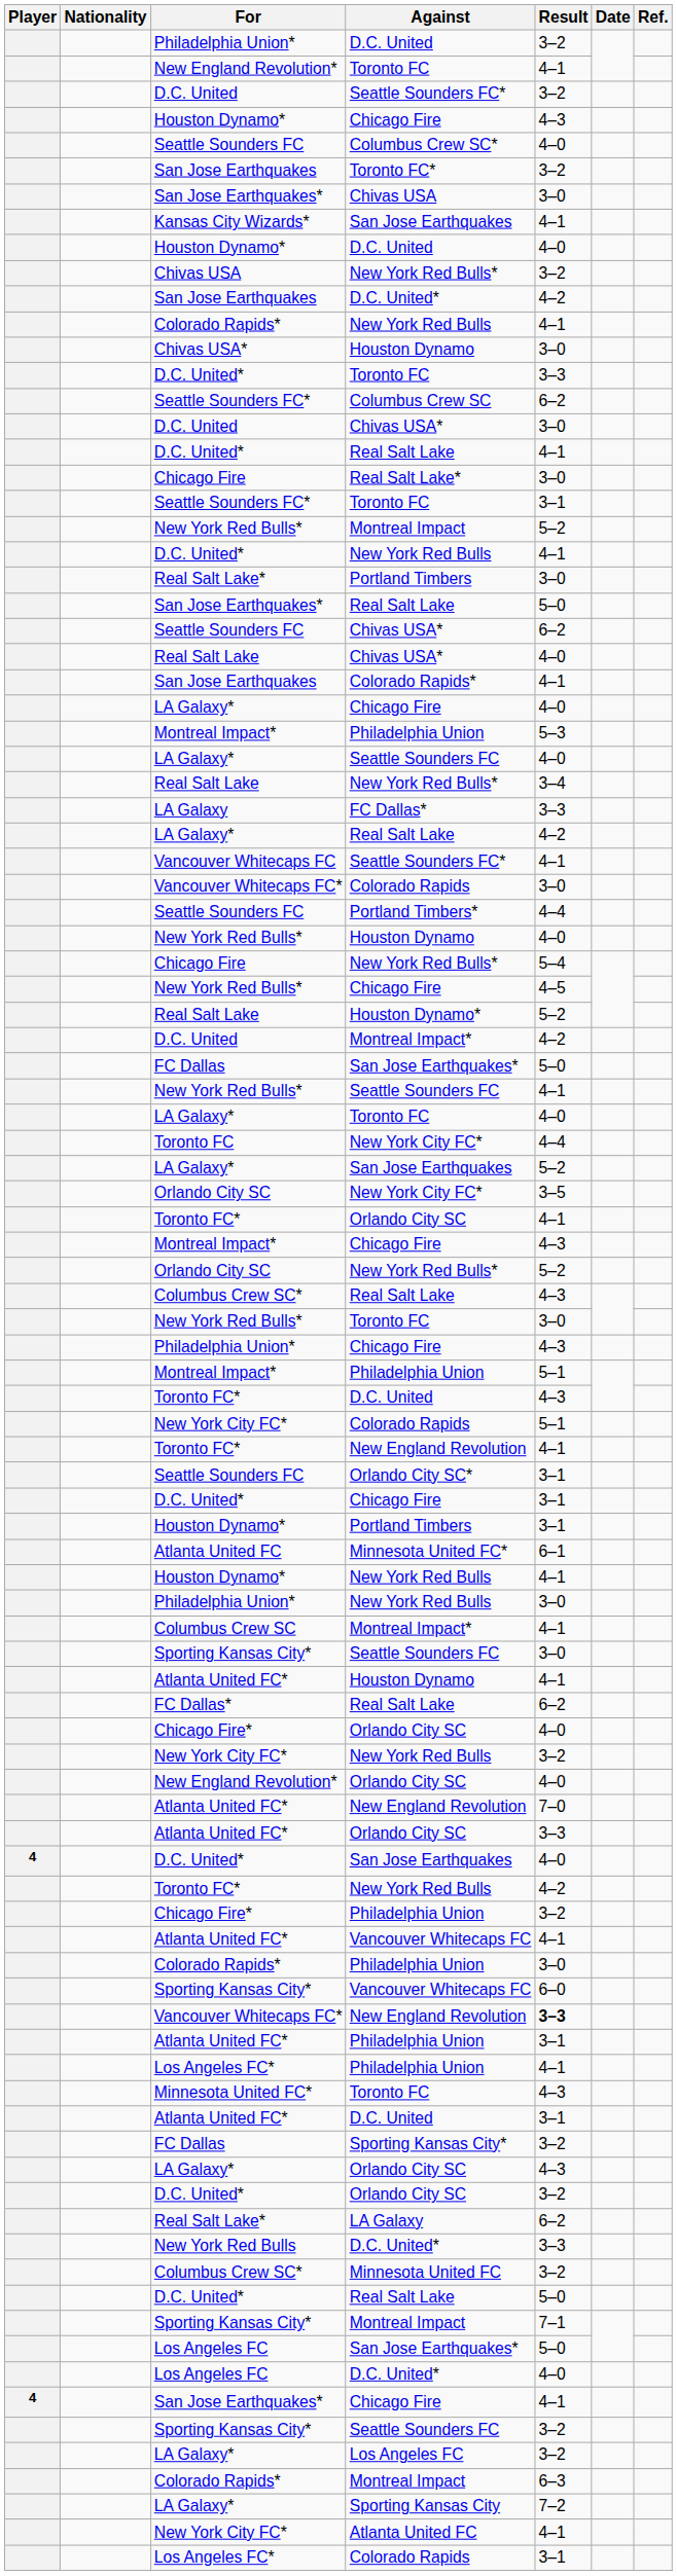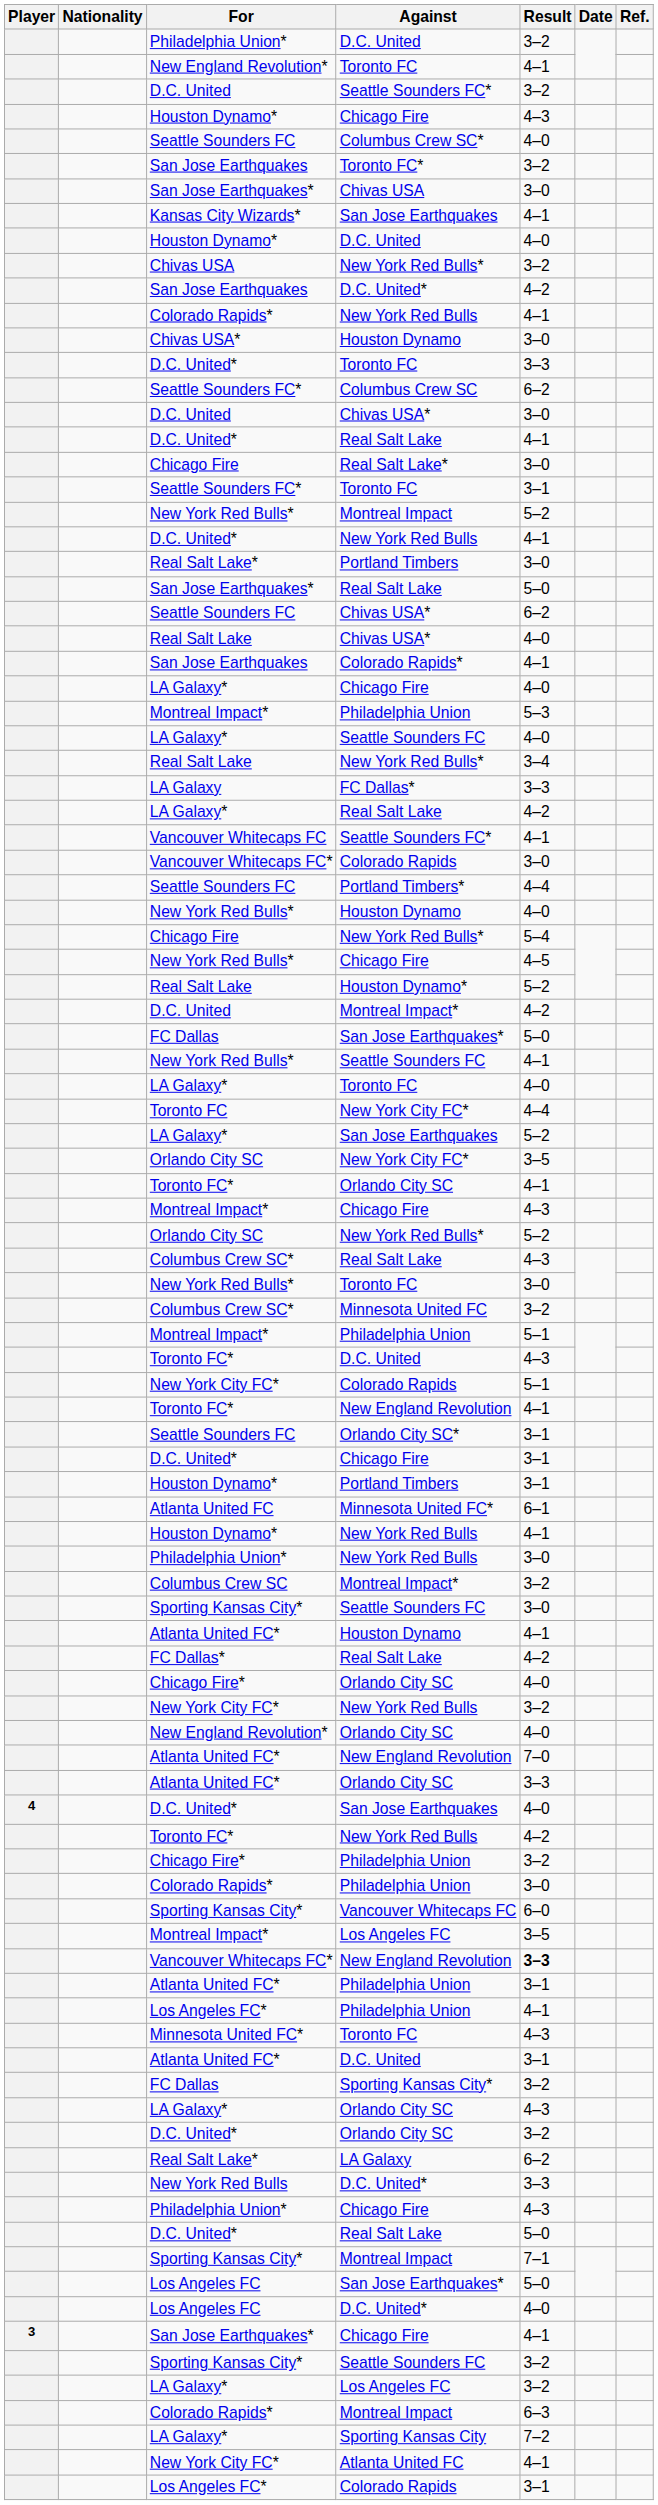 <table class="wikitable sortable plainrowheaders">
 <tr>
 <th scope="col">Player</th>
 <th scope="col">Nationality</th>
 <th scope="col">For</th>
 <th scope="col">Against</th>
 <th scope="col" style="text-align:center">Result</th>
 <th scope="col">Date</th>
 <th scope="col" class="unsortable" style="text-align:center">Ref.</th>
 </tr>
 <tr>
 <th scope="row"></th>
 <td></td>
 <td><a href='#'>Philadelphia Union</a>*</td>
 <td><a href='#'>D.C. United</a></td>
 <td>3–2</td>
 <td rowspan="2"></td>
 <td></td>
 </tr>
 <tr>
 <th scope="row"></th>
 <td></td>
 <td><a href='#'>New England Revolution</a>*</td>
 <td><a href='#'>Toronto FC</a></td>
 <td>4–1</td>
 <td></td>
 </tr>
 <tr>
 <th scope="row"></th>
 <td></td>
 <td><a href='#'>D.C. United</a></td>
 <td><a href='#'>Seattle Sounders FC</a>*</td>
 <td>3–2</td>
 <td></td>
 <td></td>
 </tr>
 <tr>
 <th scope="row"></th>
 <td></td>
 <td><a href='#'>Houston Dynamo</a>*</td>
 <td><a href='#'>Chicago Fire</a></td>
 <td>4–3</td>
 <td></td>
 <td></td>
 </tr>
 <tr>
 <th scope="row"></th>
 <td></td>
 <td><a href='#'>Seattle Sounders FC</a></td>
 <td><a href='#'>Columbus Crew SC</a>*</td>
 <td>4–0</td>
 <td></td>
 <td></td>
 </tr>
 <tr>
 <th scope="row"></th>
 <td></td>
 <td><a href='#'>San Jose Earthquakes</a></td>
 <td><a href='#'>Toronto FC</a>*</td>
 <td>3–2</td>
 <td></td>
 <td></td>
 </tr>
 <tr>
 <th scope="row"></th>
 <td></td>
 <td><a href='#'>San Jose Earthquakes</a>*</td>
 <td><a href='#'>Chivas USA</a></td>
 <td>3–0</td>
 <td></td>
 <td></td>
 </tr>
 <tr>
 <th scope="row"></th>
 <td></td>
 <td><a href='#'>Kansas City Wizards</a>*</td>
 <td><a href='#'>San Jose Earthquakes</a></td>
 <td>4–1</td>
 <td></td>
 <td></td>
 </tr>
 <tr>
 <th scope="row"></th>
 <td></td>
 <td><a href='#'>Houston Dynamo</a>*</td>
 <td><a href='#'>D.C. United</a></td>
 <td>4–0</td>
 <td></td>
 <td></td>
 </tr>
 <tr>
 <th scope="row"></th>
 <td></td>
 <td><a href='#'>Chivas USA</a></td>
 <td><a href='#'>New York Red Bulls</a>*</td>
 <td>3–2</td>
 <td></td>
 <td></td>
 </tr>
 <tr>
 <th scope="row"></th>
 <td></td>
 <td><a href='#'>San Jose Earthquakes</a></td>
 <td><a href='#'>D.C. United</a>*</td>
 <td>4–2</td>
 <td></td>
 <td></td>
 </tr>
 <tr>
 <th scope="row"></th>
 <td></td>
 <td><a href='#'>Colorado Rapids</a>*</td>
 <td><a href='#'>New York Red Bulls</a></td>
 <td>4–1</td>
 <td></td>
 <td></td>
 </tr>
 <tr>
 <th scope="row"></th>
 <td></td>
 <td><a href='#'>Chivas USA</a>*</td>
 <td><a href='#'>Houston Dynamo</a></td>
 <td>3–0</td>
 <td></td>
 <td></td>
 </tr>
 <tr>
 <th scope="row"></th>
 <td></td>
 <td><a href='#'>D.C. United</a>*</td>
 <td><a href='#'>Toronto FC</a></td>
 <td>3–3</td>
 <td></td>
 <td></td>
 </tr>
 <tr>
 <th scope="row"></th>
 <td></td>
 <td><a href='#'>Seattle Sounders FC</a>*</td>
 <td><a href='#'>Columbus Crew SC</a></td>
 <td>6–2</td>
 <td></td>
 <td></td>
 </tr>
 <tr>
 <th scope="row"></th>
 <td></td>
 <td><a href='#'>D.C. United</a></td>
 <td><a href='#'>Chivas USA</a>*</td>
 <td>3–0</td>
 <td></td>
 <td></td>
 </tr>
 <tr>
 <th scope="row"></th>
 <td></td>
 <td><a href='#'>D.C. United</a>*</td>
 <td><a href='#'>Real Salt Lake</a></td>
 <td>4–1</td>
 <td></td>
 <td></td>
 </tr>
 <tr>
 <th scope="row"></th>
 <td></td>
 <td><a href='#'>Chicago Fire</a></td>
 <td><a href='#'>Real Salt Lake</a>*</td>
 <td>3–0</td>
 <td></td>
 <td></td>
 </tr>
 <tr>
 <th scope="row"></th>
 <td></td>
 <td><a href='#'>Seattle Sounders FC</a>*</td>
 <td><a href='#'>Toronto FC</a></td>
 <td>3–1</td>
 <td></td>
 <td></td>
 </tr>
 <tr>
 <th scope="row"></th>
 <td></td>
 <td><a href='#'>New York Red Bulls</a>*</td>
 <td><a href='#'>Montreal Impact</a></td>
 <td>5–2</td>
 <td></td>
 <td></td>
 </tr>
 <tr>
 <th scope="row"></th>
 <td></td>
 <td><a href='#'>D.C. United</a>*</td>
 <td><a href='#'>New York Red Bulls</a></td>
 <td>4–1</td>
 <td></td>
 <td></td>
 </tr>
 <tr>
 <th scope="row"></th>
 <td></td>
 <td><a href='#'>Real Salt Lake</a>*</td>
 <td><a href='#'>Portland Timbers</a></td>
 <td>3–0</td>
 <td></td>
 <td></td>
 </tr>
 <tr>
 <th scope="row"></th>
 <td></td>
 <td><a href='#'>San Jose Earthquakes</a>*</td>
 <td><a href='#'>Real Salt Lake</a></td>
 <td>5–0</td>
 <td></td>
 <td></td>
 </tr>
 <tr>
 <th scope="row"></th>
 <td></td>
 <td><a href='#'>Seattle Sounders FC</a></td>
 <td><a href='#'>Chivas USA</a>*</td>
 <td>6–2</td>
 <td></td>
 <td></td>
 </tr>
 <tr>
 <th scope="row"></th>
 <td></td>
 <td><a href='#'>Real Salt Lake</a></td>
 <td><a href='#'>Chivas USA</a>*</td>
 <td>4–0</td>
 <td></td>
 <td></td>
 </tr>
 <tr>
 <th scope="row"></th>
 <td></td>
 <td><a href='#'>San Jose Earthquakes</a></td>
 <td><a href='#'>Colorado Rapids</a>*</td>
 <td>4–1</td>
 <td></td>
 <td></td>
 </tr>
 <tr>
 <th scope="row"></th>
 <td></td>
 <td><a href='#'>LA Galaxy</a>*</td>
 <td><a href='#'>Chicago Fire</a></td>
 <td>4–0</td>
 <td></td>
 <td></td>
 </tr>
 <tr>
 <th scope="row"></th>
 <td></td>
 <td><a href='#'>Montreal Impact</a>*</td>
 <td><a href='#'>Philadelphia Union</a></td>
 <td>5–3</td>
 <td></td>
 <td></td>
 </tr>
 <tr>
 <th scope="row"></th>
 <td></td>
 <td><a href='#'>LA Galaxy</a>*</td>
 <td><a href='#'>Seattle Sounders FC</a></td>
 <td>4–0</td>
 <td></td>
 <td></td>
 </tr>
 <tr>
 <th scope="row"></th>
 <td></td>
 <td><a href='#'>Real Salt Lake</a></td>
 <td><a href='#'>New York Red Bulls</a>*</td>
 <td>3–4</td>
 <td></td>
 <td></td>
 </tr>
 <tr>
 <th scope="row"></th>
 <td></td>
 <td><a href='#'>LA Galaxy</a></td>
 <td><a href='#'>FC Dallas</a>*</td>
 <td>3–3</td>
 <td></td>
 <td></td>
 </tr>
 <tr>
 <th scope="row"></th>
 <td></td>
 <td><a href='#'>LA Galaxy</a>*</td>
 <td><a href='#'>Real Salt Lake</a></td>
 <td>4–2</td>
 <td></td>
 <td></td>
 </tr>
 <tr>
 <th scope="row"></th>
 <td></td>
 <td><a href='#'>Vancouver Whitecaps FC</a></td>
 <td><a href='#'>Seattle Sounders FC</a>*</td>
 <td>4–1</td>
 <td></td>
 <td></td>
 </tr>
 <tr>
 <th scope="row"></th>
 <td></td>
 <td><a href='#'>Vancouver Whitecaps FC</a>*</td>
 <td><a href='#'>Colorado Rapids</a></td>
 <td>3–0</td>
 <td></td>
 <td></td>
 </tr>
 <tr>
 <th scope="row"></th>
 <td></td>
 <td><a href='#'>Seattle Sounders FC</a></td>
 <td><a href='#'>Portland Timbers</a>*</td>
 <td>4–4</td>
 <td></td>
 <td></td>
 </tr>
 <tr>
 <th scope="row"></th>
 <td></td>
 <td><a href='#'>New York Red Bulls</a>*</td>
 <td><a href='#'>Houston Dynamo</a></td>
 <td>4–0</td>
 <td></td>
 <td></td>
 </tr>
 <tr>
 <th scope="row"></th>
 <td></td>
 <td><a href='#'>Chicago Fire</a></td>
 <td><a href='#'>New York Red Bulls</a>*</td>
 <td>5–4</td>
 <td rowspan="3"></td>
 <td></td>
 </tr>
 <tr>
 <th scope="row"></th>
 <td></td>
 <td><a href='#'>New York Red Bulls</a>*</td>
 <td><a href='#'>Chicago Fire</a></td>
 <td>4–5</td>
 <td></td>
 </tr>
 <tr>
 <th scope="row"></th>
 <td></td>
 <td><a href='#'>Real Salt Lake</a></td>
 <td><a href='#'>Houston Dynamo</a>*</td>
 <td>5–2</td>
 <td></td>
 </tr>
 <tr>
 <th scope="row"></th>
 <td></td>
 <td><a href='#'>D.C. United</a></td>
 <td><a href='#'>Montreal Impact</a>*</td>
 <td>4–2</td>
 <td></td>
 <td></td>
 </tr>
 <tr>
 <th scope="row"></th>
 <td></td>
 <td><a href='#'>FC Dallas</a></td>
 <td><a href='#'>San Jose Earthquakes</a>*</td>
 <td>5–0</td>
 <td></td>
 <td></td>
 </tr>
 <tr>
 <th scope="row"></th>
 <td></td>
 <td><a href='#'>New York Red Bulls</a>*</td>
 <td><a href='#'>Seattle Sounders FC</a></td>
 <td>4–1</td>
 <td></td>
 <td></td>
 </tr>
 <tr>
 <th scope="row"></th>
 <td></td>
 <td><a href='#'>LA Galaxy</a>*</td>
 <td><a href='#'>Toronto FC</a></td>
 <td>4–0</td>
 <td></td>
 <td></td>
 </tr>
 <tr>
 <th scope="row"></th>
 <td></td>
 <td><a href='#'>Toronto FC</a></td>
 <td><a href='#'>New York City FC</a>*</td>
 <td>4–4</td>
 <td></td>
 <td></td>
 </tr>
 <tr>
 <th scope="row"></th>
 <td></td>
 <td><a href='#'>LA Galaxy</a>*</td>
 <td><a href='#'>San Jose Earthquakes</a></td>
 <td>5–2</td>
 <td></td>
 <td></td>
 </tr>
 <tr>
 <th scope="row"></th>
 <td></td>
 <td><a href='#'>Orlando City SC</a></td>
 <td><a href='#'>New York City FC</a>*</td>
 <td>3–5</td>
 <td></td>
 <td></td>
 </tr>
 <tr>
 <th scope="row"></th>
 <td></td>
 <td><a href='#'>Toronto FC</a>*</td>
 <td><a href='#'>Orlando City SC</a></td>
 <td>4–1</td>
 <td></td>
 <td></td>
 </tr>
 <tr>
 <th scope="row"></th>
 <td></td>
 <td><a href='#'>Montreal Impact</a>*</td>
 <td><a href='#'>Chicago Fire</a></td>
 <td>4–3</td>
 <td></td>
 <td></td>
 </tr>
 <tr>
 <th scope="row"></th>
 <td></td>
 <td><a href='#'>Orlando City SC</a></td>
 <td><a href='#'>New York Red Bulls</a>*</td>
 <td>5–2</td>
 <td></td>
 <td></td>
 </tr>
 <tr>
 <th scope="row"></th>
 <td></td>
 <td><a href='#'>Columbus Crew SC</a>*</td>
 <td><a href='#'>Real Salt Lake</a></td>
 <td>4–3</td>
 <td rowspan="2"></td>
 <td></td>
 </tr>
 <tr>
 <th scope="row"></th>
 <td></td>
 <td><a href='#'>New York Red Bulls</a>*</td>
 <td><a href='#'>Toronto FC</a></td>
 <td>3–0</td>
 <td></td>
 </tr>
 <tr>
 <th scope="row"></th>
 <td></td>
-<td><a href='#'>Philadelphia Union</a>*</td>
-<td><a href='#'>Chicago Fire</a></td>
-<td>4–3</td>
+<td><a href='#'>Columbus Crew SC</a>*</td>
+<td><a href='#'>Minnesota United FC</a></td>
+<td>3–2</td>
 <td></td>
 <td></td>
 </tr>
 <tr>
 <th scope="row"></th>
 <td></td>
 <td><a href='#'>Montreal Impact</a>*</td>
 <td><a href='#'>Philadelphia Union</a></td>
 <td>5–1</td>
 <td rowspan="2"></td>
 <td></td>
 </tr>
 <tr>
 <th scope="row"></th>
 <td></td>
 <td><a href='#'>Toronto FC</a>*</td>
 <td><a href='#'>D.C. United</a></td>
 <td>4–3</td>
 <td></td>
 </tr>
 <tr>
 <th scope="row"></th>
 <td></td>
 <td><a href='#'>New York City FC</a>*</td>
 <td><a href='#'>Colorado Rapids</a></td>
 <td>5–1</td>
 <td></td>
 <td></td>
 </tr>
 <tr>
 <th scope="row"></th>
 <td></td>
 <td><a href='#'>Toronto FC</a>*</td>
 <td><a href='#'>New England Revolution</a></td>
 <td>4–1</td>
 <td></td>
 <td></td>
 </tr>
 <tr>
 <th scope="row"></th>
 <td></td>
 <td><a href='#'>Seattle Sounders FC</a></td>
 <td><a href='#'>Orlando City SC</a>*</td>
 <td>3–1</td>
 <td></td>
 <td></td>
 </tr>
 <tr>
 <th scope="row"></th>
 <td></td>
 <td><a href='#'>D.C. United</a>*</td>
 <td><a href='#'>Chicago Fire</a></td>
 <td>3–1</td>
 <td></td>
 <td></td>
 </tr>
 <tr>
 <th scope="row"></th>
 <td></td>
 <td><a href='#'>Houston Dynamo</a>*</td>
 <td><a href='#'>Portland Timbers</a></td>
 <td>3–1</td>
 <td></td>
 <td></td>
 </tr>
 <tr>
 <th scope="row"></th>
 <td></td>
 <td><a href='#'>Atlanta United FC</a></td>
 <td><a href='#'>Minnesota United FC</a>*</td>
 <td>6–1</td>
 <td></td>
 <td></td>
 </tr>
 <tr>
 <th scope="row"></th>
 <td></td>
 <td><a href='#'>Houston Dynamo</a>*</td>
 <td><a href='#'>New York Red Bulls</a></td>
 <td>4–1</td>
 <td></td>
 <td></td>
 </tr>
 <tr>
 <th scope="row"></th>
 <td></td>
 <td><a href='#'>Philadelphia Union</a>*</td>
 <td><a href='#'>New York Red Bulls</a></td>
 <td>3–0</td>
 <td></td>
 <td></td>
 </tr>
 <tr>
 <th scope="row"></th>
 <td></td>
 <td><a href='#'>Columbus Crew SC</a></td>
 <td><a href='#'>Montreal Impact</a>*</td>
-<td>4–1</td>
+<td>3–2</td>
 <td></td>
 <td></td>
 </tr>
 <tr>
 <th scope="row"></th>
 <td></td>
 <td><a href='#'>Sporting Kansas City</a>*</td>
 <td><a href='#'>Seattle Sounders FC</a></td>
 <td>3–0</td>
 <td></td>
 <td></td>
 </tr>
 <tr>
 <th scope="row"></th>
 <td></td>
 <td><a href='#'>Atlanta United FC</a>*</td>
 <td><a href='#'>Houston Dynamo</a></td>
 <td>4–1</td>
 <td></td>
 <td></td>
 </tr>
 <tr>
 <th scope="row"></th>
 <td></td>
 <td><a href='#'>FC Dallas</a>*</td>
 <td><a href='#'>Real Salt Lake</a></td>
-<td>6–2</td>
+<td>4–2</td>
 <td></td>
 <td></td>
 </tr>
 <tr>
 <th scope="row"></th>
 <td></td>
 <td><a href='#'>Chicago Fire</a>*</td>
 <td><a href='#'>Orlando City SC</a></td>
 <td>4–0</td>
 <td></td>
 <td></td>
 </tr>
 <tr>
 <th scope="row"></th>
 <td></td>
 <td><a href='#'>New York City FC</a>*</td>
 <td><a href='#'>New York Red Bulls</a></td>
 <td>3–2</td>
 <td></td>
 <td></td>
 </tr>
 <tr>
 <th scope="row"></th>
 <td></td>
 <td><a href='#'>New England Revolution</a>*</td>
 <td><a href='#'>Orlando City SC</a></td>
 <td>4–0</td>
 <td></td>
 <td></td>
 </tr>
 <tr>
 <th scope="row"></th>
 <td></td>
 <td><a href='#'>Atlanta United FC</a>*</td>
 <td><a href='#'>New England Revolution</a></td>
 <td>7–0</td>
 <td></td>
 <td></td>
 </tr>
 <tr>
 <th scope="row"></th>
 <td></td>
 <td><a href='#'>Atlanta United FC</a>*</td>
 <td><a href='#'>Orlando City SC</a></td>
 <td>3–3</td>
 <td></td>
 <td></td>
 </tr>
 <tr>
 <th scope="row"><sup>4</sup></th>
 <td></td>
 <td><a href='#'>D.C. United</a>*</td>
 <td><a href='#'>San Jose Earthquakes</a></td>
 <td>4–0</td>
 <td></td>
 <td></td>
 </tr>
 <tr>
 <th scope="row"></th>
 <td></td>
 <td><a href='#'>Toronto FC</a>*</td>
 <td><a href='#'>New York Red Bulls</a></td>
 <td>4–2</td>
 <td></td>
 <td></td>
 </tr>
 <tr>
 <th scope="row"></th>
 <td></td>
 <td><a href='#'>Chicago Fire</a>*</td>
 <td><a href='#'>Philadelphia Union</a></td>
 <td>3–2</td>
 <td></td>
 <td></td>
 </tr>
 <tr>
 <th scope="row"></th>
 <td></td>
-<td><a href='#'>Atlanta United FC</a>*</td>
-<td><a href='#'>Vancouver Whitecaps FC</a></td>
-<td>4–1</td>
-<td></td>
-<td></td>
-</tr>
-<tr>
-<th scope="row"></th>
-<td></td>
 <td><a href='#'>Colorado Rapids</a>*</td>
 <td><a href='#'>Philadelphia Union</a></td>
 <td>3–0</td>
 <td></td>
 <td></td>
 </tr>
 <tr>
 <th scope="row"></th>
 <td></td>
 <td><a href='#'>Sporting Kansas City</a>*</td>
 <td><a href='#'>Vancouver Whitecaps FC</a></td>
 <td>6–0</td>
+<td></td>
+<td></td>
+</tr>
+<tr>
+<th scope="row"></th>
+<td></td>
+<td><a href='#'>Montreal Impact</a>*</td>
+<td><a href='#'>Los Angeles FC</a></td>
+<td>3–5</td>
 <td></td>
 <td></td>
 </tr>
 <tr>
 <th scope="row"></th>
 <td></td>
 <td><a href='#'>Vancouver Whitecaps FC</a>*</td>
 <td><a href='#'>New England Revolution</a></td>
 <td><strong>3–3</strong></td>
 <td></td>
 <td></td>
 </tr>
 <tr>
 <th scope="row"></th>
 <td></td>
 <td><a href='#'>Atlanta United FC</a>*</td>
 <td><a href='#'>Philadelphia Union</a></td>
 <td>3–1</td>
 <td></td>
 <td></td>
 </tr>
 <tr>
 <th scope="row"></th>
 <td></td>
 <td><a href='#'>Los Angeles FC</a>*</td>
 <td><a href='#'>Philadelphia Union</a></td>
 <td>4–1</td>
 <td></td>
 <td></td>
 </tr>
 <tr>
 <th scope="row"></th>
 <td></td>
 <td><a href='#'>Minnesota United FC</a>*</td>
 <td><a href='#'>Toronto FC</a></td>
 <td>4–3</td>
 <td></td>
 <td></td>
 </tr>
 <tr>
 <th scope="row"></th>
 <td></td>
 <td><a href='#'>Atlanta United FC</a>*</td>
 <td><a href='#'>D.C. United</a></td>
 <td>3–1</td>
 <td></td>
 <td></td>
 </tr>
 <tr>
 <th scope="row"></th>
 <td></td>
 <td><a href='#'>FC Dallas</a></td>
 <td><a href='#'>Sporting Kansas City</a>*</td>
 <td>3–2</td>
 <td></td>
 <td></td>
 </tr>
 <tr>
 <th scope="row"></th>
 <td></td>
 <td><a href='#'>LA Galaxy</a>*</td>
 <td><a href='#'>Orlando City SC</a></td>
 <td>4–3</td>
 <td></td>
 <td></td>
 </tr>
 <tr>
 <th scope="row"></th>
 <td></td>
 <td><a href='#'>D.C. United</a>*</td>
 <td><a href='#'>Orlando City SC</a></td>
 <td>3–2</td>
 <td></td>
 <td></td>
 </tr>
 <tr>
 <th scope="row"></th>
 <td></td>
 <td><a href='#'>Real Salt Lake</a>*</td>
 <td><a href='#'>LA Galaxy</a></td>
 <td>6–2</td>
 <td></td>
 <td></td>
 </tr>
 <tr>
 <th scope="row"></th>
 <td></td>
 <td><a href='#'>New York Red Bulls</a></td>
 <td><a href='#'>D.C. United</a>*</td>
 <td>3–3</td>
 <td></td>
 <td></td>
 </tr>
 <tr>
 <th scope="row"></th>
 <td></td>
-<td><a href='#'>Columbus Crew SC</a>*</td>
-<td><a href='#'>Minnesota United FC</a></td>
-<td>3–2</td>
+<td><a href='#'>Philadelphia Union</a>*</td>
+<td><a href='#'>Chicago Fire</a></td>
+<td>4–3</td>
 <td></td>
 <td></td>
 </tr>
 <tr>
 <th scope="row"></th>
 <td></td>
 <td><a href='#'>D.C. United</a>*</td>
 <td><a href='#'>Real Salt Lake</a></td>
 <td>5–0</td>
 <td></td>
 <td></td>
 </tr>
 <tr>
 <th scope="row"></th>
 <td></td>
 <td><a href='#'>Sporting Kansas City</a>*</td>
 <td><a href='#'>Montreal Impact</a></td>
 <td>7–1</td>
 <td rowspan="2"></td>
 <td></td>
 </tr>
 <tr>
 <th scope="row"></th>
 <td></td>
 <td><a href='#'>Los Angeles FC</a></td>
 <td><a href='#'>San Jose Earthquakes</a>*</td>
 <td>5–0</td>
 <td></td>
 </tr>
 <tr>
 <th scope="row"></th>
 <td></td>
 <td><a href='#'>Los Angeles FC</a></td>
 <td><a href='#'>D.C. United</a>*</td>
 <td>4–0</td>
 <td></td>
 <td></td>
 </tr>
 <tr>
-<th scope="row"><sup>4</sup></th>
+<th scope="row"><sup>3</sup></th>
 <td></td>
 <td><a href='#'>San Jose Earthquakes</a>*</td>
 <td><a href='#'>Chicago Fire</a></td>
 <td>4–1</td>
 <td></td>
 <td></td>
 </tr>
 <tr>
 <th scope="row"></th>
 <td></td>
 <td><a href='#'>Sporting Kansas City</a>*</td>
 <td><a href='#'>Seattle Sounders FC</a></td>
 <td>3–2</td>
 <td></td>
 <td></td>
 </tr>
 <tr>
 <th scope="row"></th>
 <td></td>
 <td><a href='#'>LA Galaxy</a>*</td>
 <td><a href='#'>Los Angeles FC</a></td>
 <td>3–2</td>
 <td></td>
 <td></td>
 </tr>
 <tr>
 <th scope="row"></th>
 <td></td>
 <td><a href='#'>Colorado Rapids</a>*</td>
 <td><a href='#'>Montreal Impact</a></td>
 <td>6–3</td>
 <td></td>
 <td></td>
 </tr>
 <tr>
 <th scope="row"></th>
 <td></td>
 <td><a href='#'>LA Galaxy</a>*</td>
 <td><a href='#'>Sporting Kansas City</a></td>
 <td>7–2</td>
 <td></td>
 <td></td>
 </tr>
 <tr>
 <th scope="row"></th>
 <td></td>
 <td><a href='#'>New York City FC</a>*</td>
 <td><a href='#'>Atlanta United FC</a></td>
 <td>4–1</td>
 <td></td>
 <td></td>
 </tr>
 <tr>
 <th scope="row"></th>
 <td></td>
 <td><a href='#'>Los Angeles FC</a>*</td>
 <td><a href='#'>Colorado Rapids</a></td>
 <td>3–1</td>
 <td></td>
 <td></td>
 </tr>
 </table>
